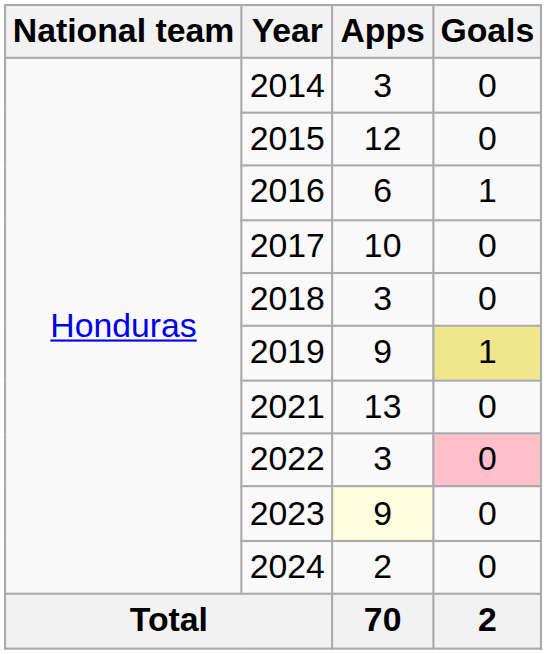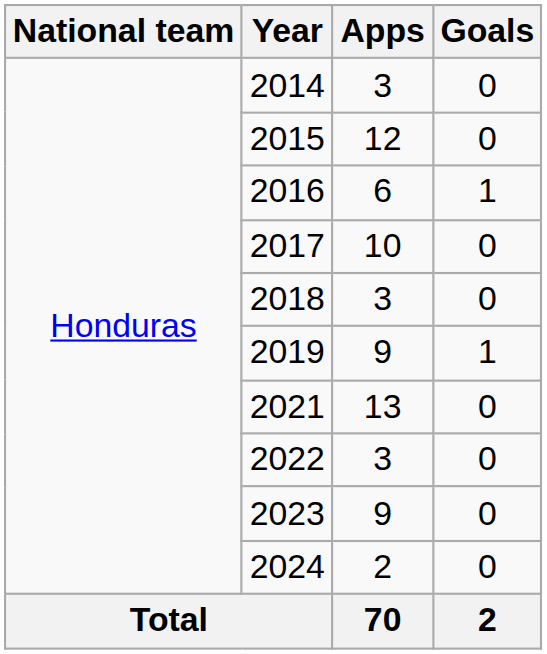 <table class="wikitable" style="text-align:center">
 <tr>
 <th>National team</th>
 <th>Year</th>
 <th>Apps</th>
 <th>Goals</th>
 </tr>
 <tr>
 <td rowspan="10"><a href='#'>Honduras</a></td>
 <td>2014</td>
 <td>3</td>
 <td>0</td>
 </tr>
 <tr>
 <td>2015</td>
 <td>12</td>
 <td>0</td>
 </tr>
 <tr>
 <td>2016</td>
 <td>6</td>
 <td>1</td>
 </tr>
 <tr>
 <td>2017</td>
 <td>10</td>
 <td>0</td>
 </tr>
 <tr>
 <td>2018</td>
 <td>3</td>
 <td>0</td>
 </tr>
 <tr>
 <td>2019</td>
 <td>9</td>
-<td style="background: khaki;">1</td>
+<td>1</td>
 </tr>
 <tr>
 <td>2021</td>
 <td>13</td>
 <td>0</td>
 </tr>
 <tr>
 <td>2022</td>
 <td>3</td>
-<td style="background: pink;">0</td>
+<td>0</td>
 </tr>
 <tr>
 <td>2023</td>
-<td style="background: lightyellow;">9</td>
+<td>9</td>
 <td>0</td>
 </tr>
 <tr>
 <td>2024</td>
 <td>2</td>
 <td>0</td>
 </tr>
 <tr>
 <th colspan="2">Total</th>
 <th>70</th>
 <th>2</th>
 </tr>
 </table>
